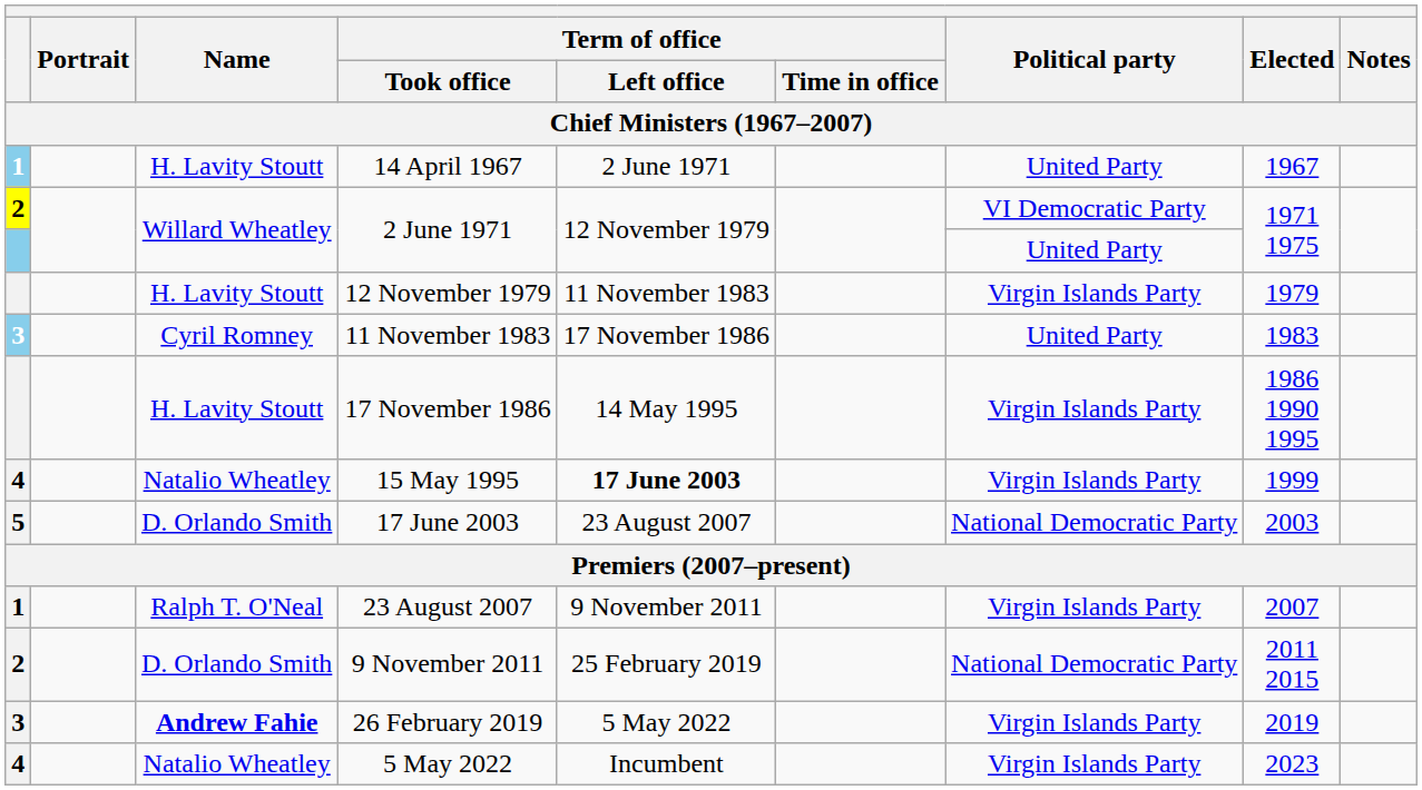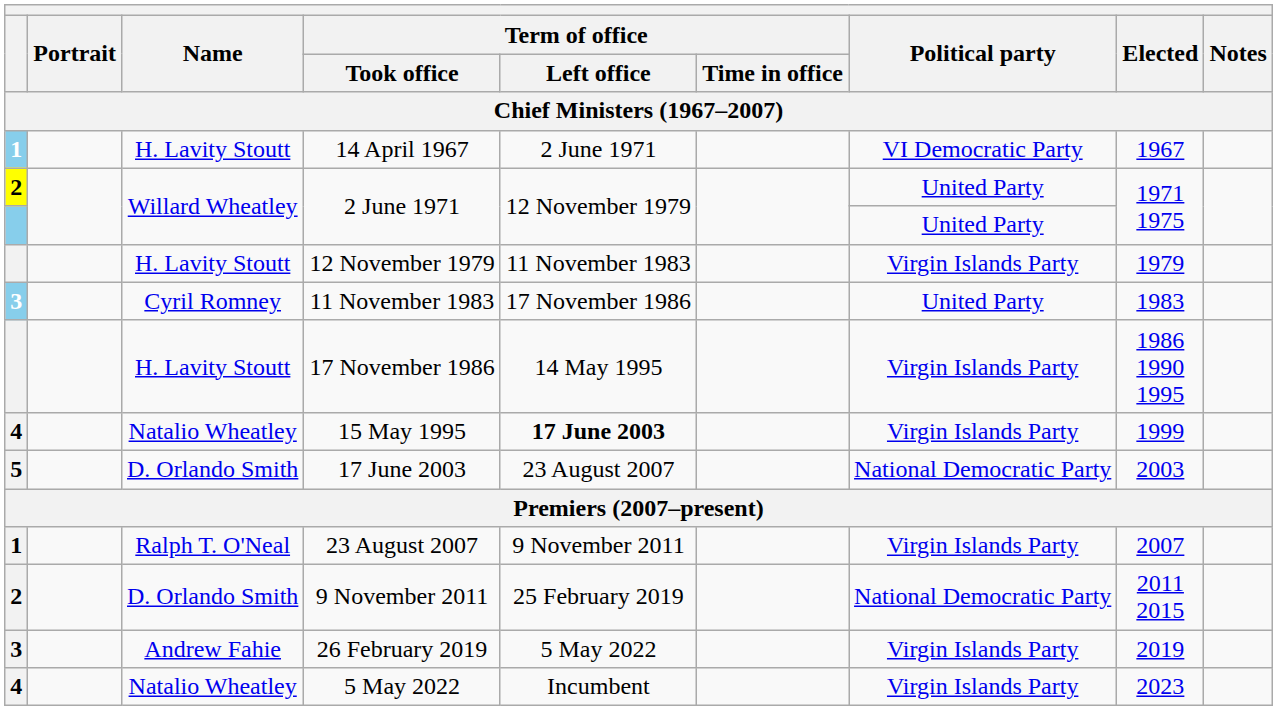 <table class="wikitable" style="text-align:center">
 <tr>
 <th colspan="9">   </th>
 </tr>
 <tr align=center bgcolor=#ebebeb>
 <th rowspan=2></th>
 <th rowspan=2>Portrait</th>
 <th rowspan=2>Name<br></th>
 <th colspan=3>Term of office</th>
 <th rowspan=2>Political party</th>
 <th rowspan=2>Elected</th>
 <th rowspan=2>Notes</th>
 </tr>
 <tr align=center bgcolor=#ebebeb>
 <th>Took office</th>
 <th>Left office</th>
 <th>Time in office</th>
 </tr>
 <tr>
 <th colspan="9">Chief Ministers (1967–2007)</th>
 </tr>
 <tr>
 <th style="background:SkyBlue; color:white">1</th>
 <td></td>
 <td><a href='#'>H. Lavity Stoutt</a><br></td>
 <td>14 April 1967</td>
 <td>2 June 1971</td>
 <td></td>
-<td><a href='#'>United Party</a></td>
+<td><a href='#'>VI Democratic Party</a></td>
 <td><a href='#'>1967</a></td>
 <td></td>
 </tr>
 <tr>
 <th style="background:Yellow; color:black">2</th>
 <td rowspan=2></td>
 <td rowspan=2><a href='#'>Willard Wheatley</a><br></td>
 <td rowspan=2>2 June 1971</td>
 <td rowspan=2>12 November 1979</td>
 <td rowspan=2></td>
-<td><a href='#'>VI Democratic Party</a></td>
+<td><a href='#'>United Party</a></td>
 <td rowspan=2><a href='#'>1971</a><br><a href='#'>1975</a></td>
 <td rowspan=2></td>
 </tr>
 <tr>
 <th style="background:SkyBlue; color:white"></th>
 <td><a href='#'>United Party</a></td>
 </tr>
 <tr>
 <th style="background:"></th>
 <td></td>
 <td><a href='#'>H. Lavity Stoutt</a><br></td>
 <td>12 November 1979</td>
 <td>11 November 1983</td>
 <td></td>
 <td><a href='#'>Virgin Islands Party</a></td>
 <td><a href='#'>1979</a></td>
 <td></td>
 </tr>
 <tr>
 <th style="background:SkyBlue; color:white">3</th>
 <td></td>
 <td><a href='#'>Cyril Romney</a><br></td>
 <td>11 November 1983</td>
 <td>17 November 1986</td>
 <td></td>
 <td><a href='#'>United Party</a></td>
 <td><a href='#'>1983</a></td>
 <td></td>
 </tr>
 <tr>
 <th style="background:"></th>
 <td></td>
 <td><a href='#'>H. Lavity Stoutt</a><br></td>
 <td>17 November 1986</td>
 <td>14 May 1995</td>
 <td></td>
 <td><a href='#'>Virgin Islands Party</a></td>
 <td><a href='#'>1986</a><br><a href='#'>1990</a><br><a href='#'>1995</a></td>
 <td></td>
 </tr>
 <tr>
 <th style="background:">4</th>
 <td></td>
 <td><a href='#'>Natalio Wheatley</a><br></td>
 <td>15 May 1995</td>
 <td><strong>17 June 2003</strong></td>
 <td></td>
 <td><a href='#'>Virgin Islands Party</a></td>
 <td><a href='#'>1999</a></td>
 <td></td>
 </tr>
 <tr>
 <th style="background:">5</th>
 <td></td>
 <td><a href='#'>D. Orlando Smith</a><br></td>
 <td>17 June 2003</td>
 <td>23 August 2007</td>
 <td></td>
 <td><a href='#'>National Democratic Party</a></td>
 <td><a href='#'>2003</a></td>
 <td></td>
 </tr>
 <tr>
 <th colspan="9">Premiers (2007–present)</th>
 </tr>
 <tr>
 <th style="background:">1</th>
 <td></td>
 <td><a href='#'>Ralph T. O'Neal</a><br></td>
 <td>23 August 2007</td>
 <td>9 November 2011</td>
 <td></td>
 <td><a href='#'>Virgin Islands Party</a></td>
 <td><a href='#'>2007</a></td>
 <td></td>
 </tr>
 <tr>
 <th style="background:">2</th>
 <td></td>
 <td><a href='#'>D. Orlando Smith</a><br></td>
 <td>9 November 2011</td>
 <td>25 February 2019</td>
 <td></td>
 <td><a href='#'>National Democratic Party</a></td>
 <td><a href='#'>2011</a><br><a href='#'>2015</a></td>
 <td></td>
 </tr>
 <tr>
 <th style="background:">3</th>
 <td></td>
-<td><strong><a href='#'>Andrew Fahie</a><br></strong></td>
+<td><a href='#'>Andrew Fahie</a><br></td>
 <td>26 February 2019</td>
 <td>5 May 2022</td>
 <td></td>
 <td><a href='#'>Virgin Islands Party</a></td>
 <td><a href='#'>2019</a></td>
 <td></td>
 </tr>
 <tr>
 <th style="background:">4</th>
 <td></td>
 <td><a href='#'>Natalio Wheatley</a><br></td>
 <td>5 May 2022</td>
 <td>Incumbent</td>
 <td></td>
 <td><a href='#'>Virgin Islands Party</a></td>
 <td><a href='#'>2023</a></td>
 <td></td>
 </tr>
 </table>
